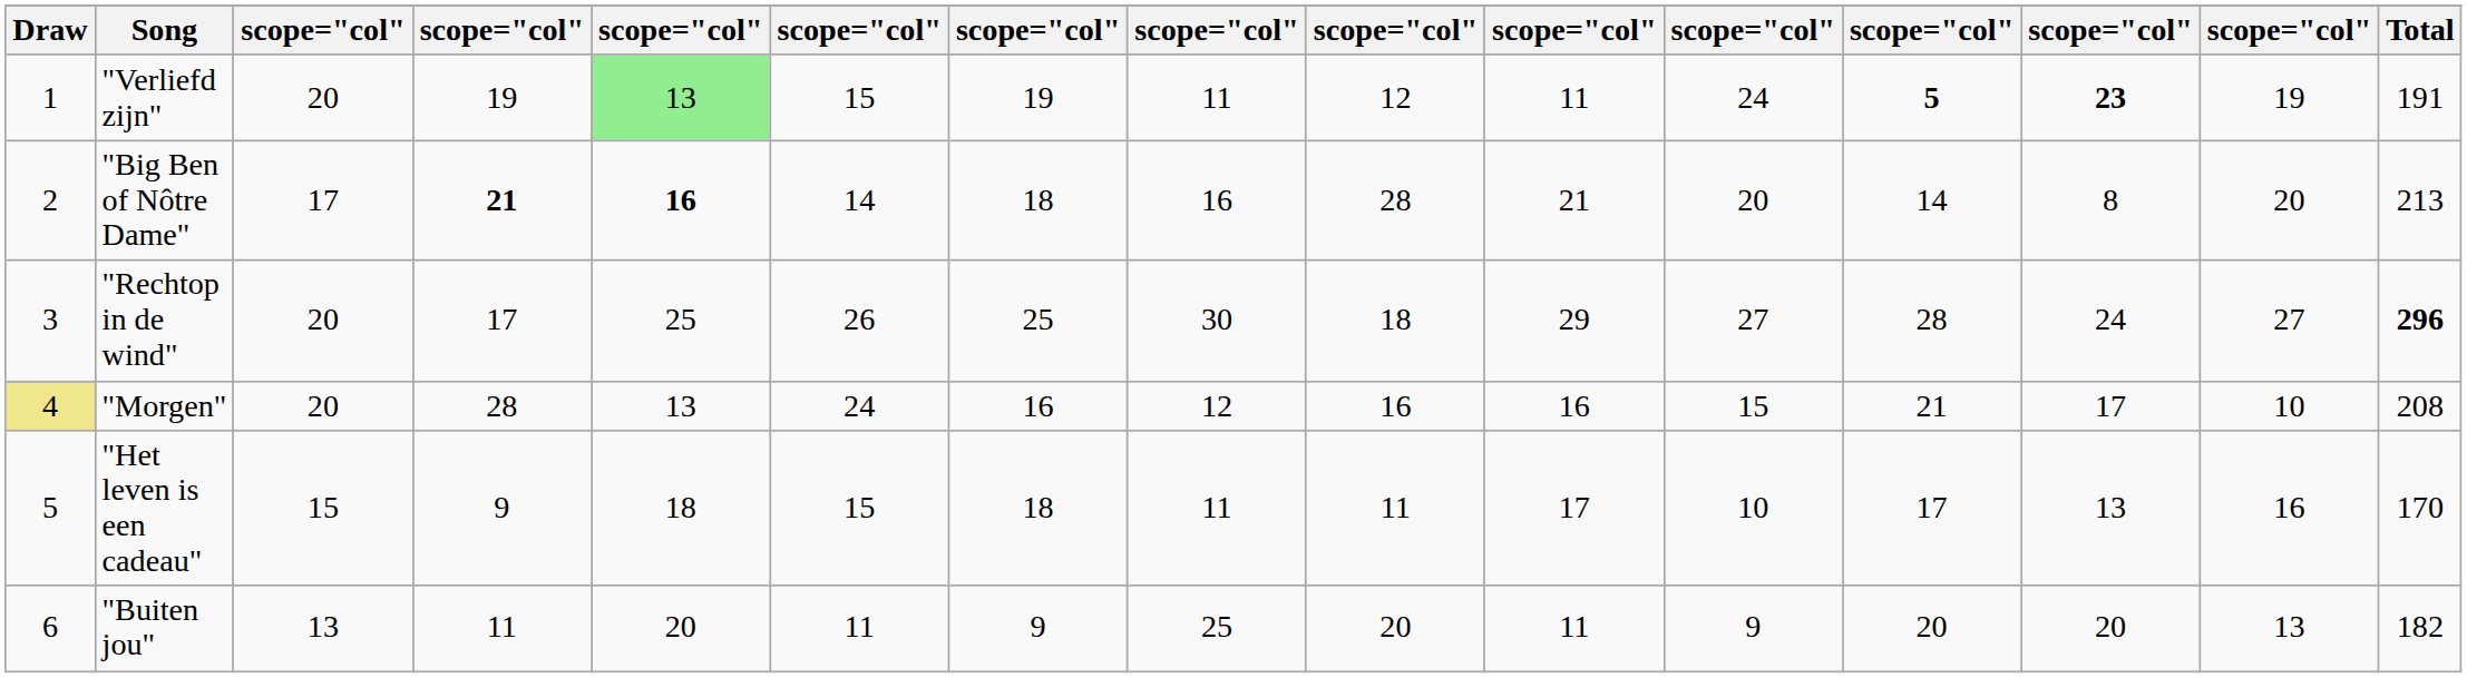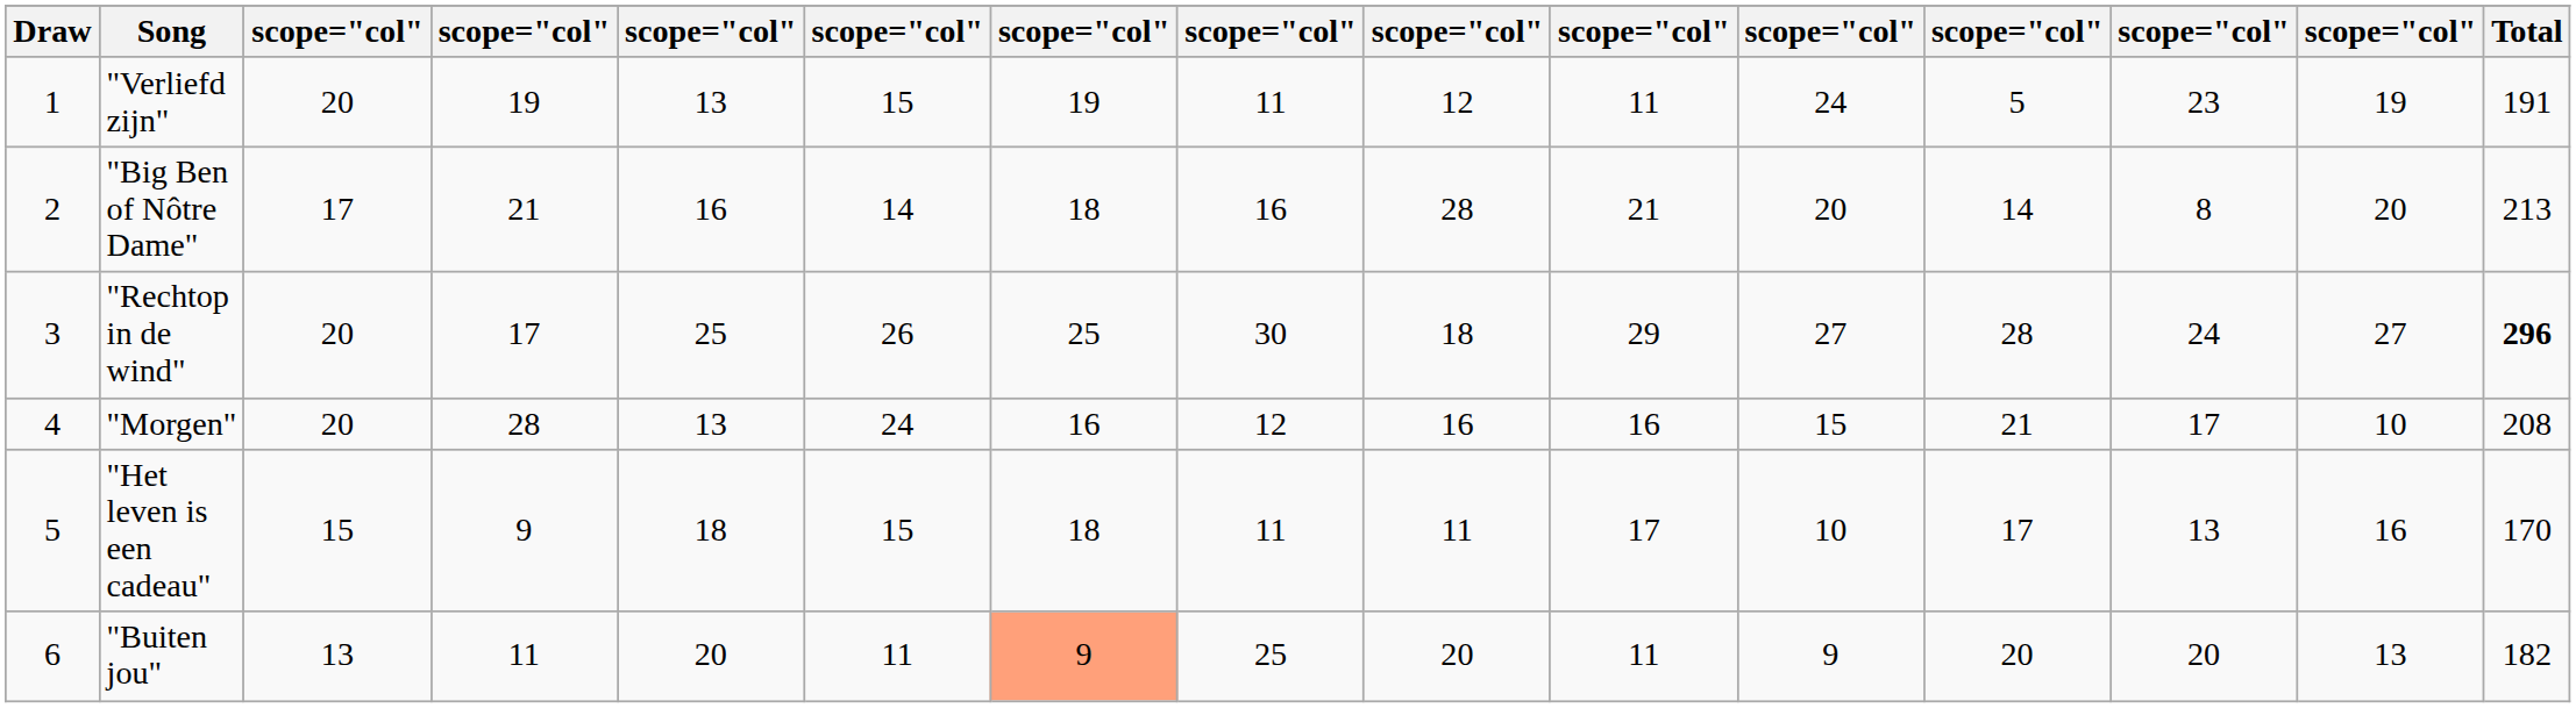 <table class="wikitable plainrowheaders" style="margin: 1em auto 1em auto; text-align:center;">
 <tr>
 </tr>
 <tr>
 <th scope="col">Draw</th>
 <th scope="col">Song</th>
 <th>scope="col" </th>
 <th>scope="col" </th>
 <th>scope="col" </th>
 <th>scope="col" </th>
 <th>scope="col" </th>
 <th>scope="col" </th>
 <th>scope="col" </th>
 <th>scope="col" </th>
 <th>scope="col" </th>
 <th>scope="col" </th>
 <th>scope="col" </th>
 <th>scope="col" </th>
 <th scope="col">Total</th>
 </tr>
 <tr>
 <td>1</td>
 <td align="left">"Verliefd zijn"</td>
 <td>20</td>
 <td>19</td>
-<td style="background: lightgreen;">13</td>
+<td>13</td>
 <td>15</td>
 <td>19</td>
 <td>11</td>
 <td>12</td>
 <td>11</td>
 <td>24</td>
-<td><strong>5</strong></td>
-<td><strong>23</strong></td>
+<td>5</td>
+<td>23</td>
 <td>19</td>
 <td>191</td>
 </tr>
 <tr>
 <td>2</td>
 <td align="left">"Big Ben of Nôtre Dame"</td>
 <td>17</td>
-<td><strong>21</strong></td>
-<td><strong>16</strong></td>
+<td>21</td>
+<td>16</td>
 <td>14</td>
 <td>18</td>
 <td>16</td>
 <td>28</td>
 <td>21</td>
 <td>20</td>
 <td>14</td>
 <td>8</td>
 <td>20</td>
 <td>213</td>
 </tr>
 <tr>
 <td>3</td>
 <td align="left">"Rechtop in de wind"</td>
 <td>20</td>
 <td>17</td>
 <td>25</td>
 <td>26</td>
 <td>25</td>
 <td>30</td>
 <td>18</td>
 <td>29</td>
 <td>27</td>
 <td>28</td>
 <td>24</td>
 <td>27</td>
 <td><strong>296</strong></td>
 </tr>
 <tr>
-<td style="background: khaki;">4</td>
+<td>4</td>
 <td align="left">"Morgen"</td>
 <td>20</td>
 <td>28</td>
 <td>13</td>
 <td>24</td>
 <td>16</td>
 <td>12</td>
 <td>16</td>
 <td>16</td>
 <td>15</td>
 <td>21</td>
 <td>17</td>
 <td>10</td>
 <td>208</td>
 </tr>
 <tr>
 <td>5</td>
 <td align="left">"Het leven is een cadeau"</td>
 <td>15</td>
 <td>9</td>
 <td>18</td>
 <td>15</td>
 <td>18</td>
 <td>11</td>
 <td>11</td>
 <td>17</td>
 <td>10</td>
 <td>17</td>
 <td>13</td>
 <td>16</td>
 <td>170</td>
 </tr>
 <tr>
 <td>6</td>
 <td align="left">"Buiten jou"</td>
 <td>13</td>
 <td>11</td>
 <td>20</td>
 <td>11</td>
-<td>9</td>
+<td style="background: lightsalmon;">9</td>
 <td>25</td>
 <td>20</td>
 <td>11</td>
 <td>9</td>
 <td>20</td>
 <td>20</td>
 <td>13</td>
 <td>182</td>
 </tr>
 </table>
